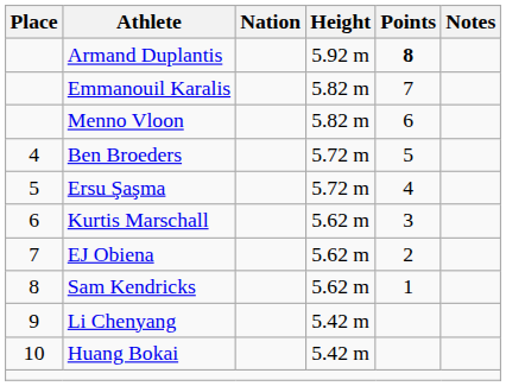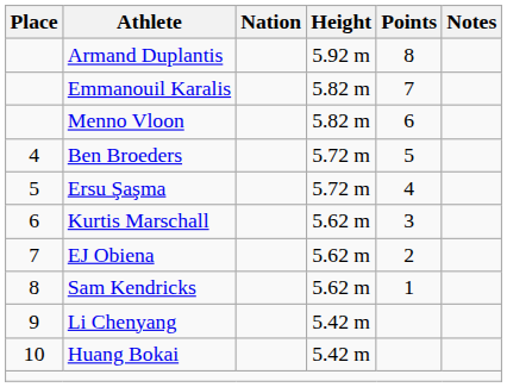 <table class="wikitable mw-datatable sortable" style="text-align:center;">
 <tr>
 <th scope="col">Place</th>
 <th scope="col">Athlete</th>
 <th scope="col">Nation</th>
 <th scope="col">Height</th>
 <th scope="col">Points</th>
 <th scope="col">Notes</th>
 </tr>
 <tr>
 <td></td>
 <td align="left"><a href='#'>Armand Duplantis</a></td>
 <td align="left"></td>
 <td>5.92 m</td>
-<td><strong>8</strong></td>
+<td>8</td>
 <td></td>
 </tr>
 <tr>
 <td></td>
 <td align="left"><a href='#'>Emmanouil Karalis</a></td>
 <td align="left"></td>
 <td>5.82 m</td>
 <td>7</td>
 <td></td>
 </tr>
 <tr>
 <td></td>
 <td align="left"><a href='#'>Menno Vloon</a></td>
 <td align="left"></td>
 <td>5.82 m</td>
 <td>6</td>
 <td></td>
 </tr>
 <tr>
 <td>4</td>
 <td align="left"><a href='#'>Ben Broeders</a></td>
 <td align="left"></td>
 <td>5.72 m</td>
 <td>5</td>
 <td></td>
 </tr>
 <tr>
 <td>5</td>
 <td align="left"><a href='#'>Ersu Şaşma</a></td>
 <td align="left"></td>
 <td>5.72 m</td>
 <td>4</td>
 <td></td>
 </tr>
 <tr>
 <td>6</td>
 <td align="left"><a href='#'>Kurtis Marschall</a></td>
 <td align="left"></td>
 <td>5.62 m</td>
 <td>3</td>
 <td></td>
 </tr>
 <tr>
 <td>7</td>
 <td align="left"><a href='#'>EJ Obiena</a></td>
 <td align="left"></td>
 <td>5.62 m</td>
 <td>2</td>
 <td></td>
 </tr>
 <tr>
 <td>8</td>
 <td align="left"><a href='#'>Sam Kendricks</a></td>
 <td align="left"></td>
 <td>5.62 m</td>
 <td>1</td>
 <td></td>
 </tr>
 <tr>
 <td>9</td>
 <td align="left"><a href='#'>Li Chenyang</a></td>
 <td align="left"></td>
 <td>5.42 m</td>
 <td></td>
 <td></td>
 </tr>
 <tr>
 <td>10</td>
 <td align="left"><a href='#'>Huang Bokai</a></td>
 <td align="left"></td>
 <td>5.42 m</td>
 <td></td>
 <td></td>
 </tr>
 <tr class="sortbottom">
 <td colspan="6"></td>
 </tr>
 </table>
